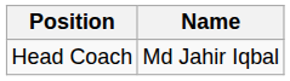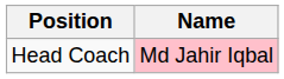 <table class="wikitable" style="text-align:center;margin-left:1em;float:center">
 <tr>
 <th>Position</th>
 <th>Name</th>
 </tr>
 <tr>
 <td>Head Coach</td>
-<td> Md Jahir Iqbal</td>
+<td style="background: pink;"> Md Jahir Iqbal</td>
 </tr>
 </table>
